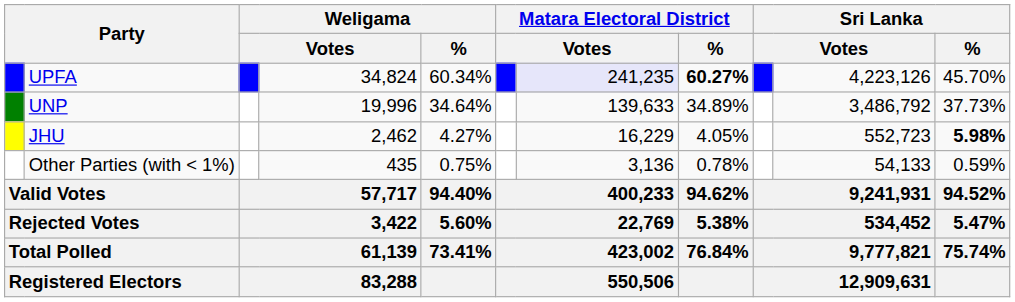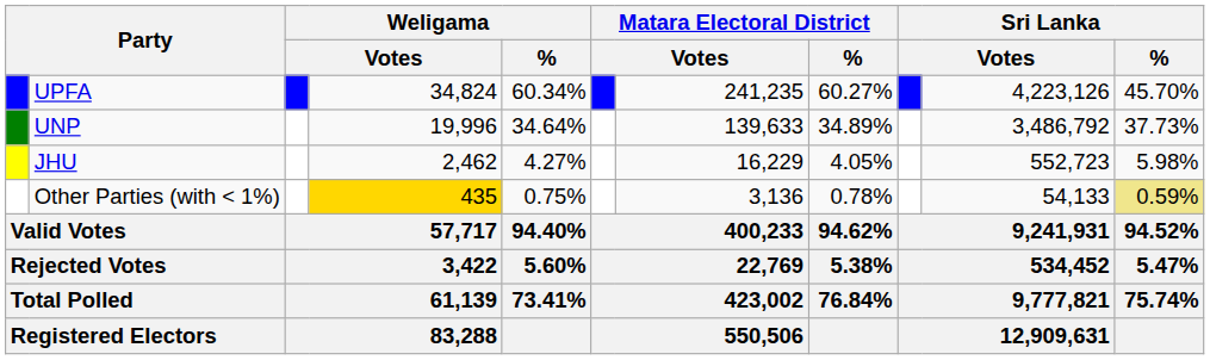 <table class="wikitable">
 <tr>
 <th colspan="2" width="144px"rowspan="2">Party</th>
 <th colspan="3" width="216px">Weligama</th>
 <th colspan="3" width="216px"><a href='#'>Matara Electoral District</a></th>
 <th colspan="3" width="216px">Sri Lanka</th>
 </tr>
 <tr>
 <th colspan="2" width="144px">Votes</th>
 <th>%</th>
 <th colspan="2" width="144px">Votes</th>
 <th>%</th>
 <th colspan="2" width="144px">Votes</th>
 <th>%</th>
 </tr>
 <tr>
 <td style="background-color:blue;" width="10px"></td>
 <td style="text-align:left;"><a href='#'>UPFA</a></td>
 <td style="background-color:blue;" width="10px"></td>
 <td style="text-align:right;">34,824</td>
 <td style="text-align:right;">60.34%</td>
 <td style="background-color:blue;" width="10px"></td>
-<td style="background: lavender; text-align:right;">241,235</td>
-<td style="text-align:right;"><strong>60.27%</strong></td>
+<td style="text-align:right;">241,235</td>
+<td style="text-align:right;">60.27%</td>
 <td style="background-color:blue;" width="10px"></td>
 <td style="text-align:right;">4,223,126</td>
 <td style="text-align:right;">45.70%</td>
 </tr>
 <tr>
 <td style="background-color:green;" width="10px"></td>
 <td style="text-align:left;"><a href='#'>UNP</a></td>
 <td style="background-color:white;" width="10px"></td>
 <td style="text-align:right;">19,996</td>
 <td style="text-align:right;">34.64%</td>
 <td style="background-color:white;" width="10px"></td>
 <td style="text-align:right;">139,633</td>
 <td style="text-align:right;">34.89%</td>
 <td style="background-color:white;" width="10px"></td>
 <td style="text-align:right;">3,486,792</td>
 <td style="text-align:right;">37.73%</td>
 </tr>
 <tr>
 <td style="background-color:yellow;" width="10px"></td>
 <td style="text-align:left;"><a href='#'>JHU</a></td>
 <td style="background-color:white;" width="10px"></td>
 <td style="text-align:right;">2,462</td>
 <td style="text-align:right;">4.27%</td>
 <td style="background-color:white;" width="10px"></td>
 <td style="text-align:right;">16,229</td>
 <td style="text-align:right;">4.05%</td>
 <td style="background-color:white;" width="10px"></td>
 <td style="text-align:right;">552,723</td>
-<td style="text-align:right;"><strong>5.98%</strong></td>
+<td style="text-align:right;">5.98%</td>
 </tr>
 <tr>
 <td style="background-color:white;" width="10px"></td>
 <td style="text-align:left;">Other Parties (with < 1%)</td>
 <td style="background-color:white;" width="10px"></td>
-<td style="text-align:right;">435</td>
+<td style="background: gold; text-align:right;">435</td>
 <td style="text-align:right;">0.75%</td>
 <td style="background-color:white;" width="10px"></td>
 <td style="text-align:right;">3,136</td>
 <td style="text-align:right;">0.78%</td>
 <td style="background-color:white;" width="10px"></td>
 <td style="text-align:right;">54,133</td>
-<td style="text-align:right;">0.59%</td>
+<td style="background: khaki; text-align:right;">0.59%</td>
 </tr>
 <tr>
 <th colspan="2" width="144px"style="text-align:left;">Valid Votes</th>
 <th style="text-align:right;"colspan="2" width="144px">57,717</th>
 <th style="text-align:right;">94.40%</th>
 <th style="text-align:right;"colspan="2" width="144px">400,233</th>
 <th style="text-align:right;">94.62%</th>
 <th style="text-align:right;"colspan="2" width="144px">9,241,931</th>
 <th style="text-align:right;">94.52%</th>
 </tr>
 <tr>
 <th colspan="2" width="144px"style="text-align:left;">Rejected Votes</th>
 <th style="text-align:right;"colspan="2" width="144px">3,422</th>
 <th style="text-align:right;">5.60%</th>
 <th style="text-align:right;"colspan="2" width="144px">22,769</th>
 <th style="text-align:right;">5.38%</th>
 <th style="text-align:right;"colspan="2" width="144px">534,452</th>
 <th style="text-align:right;">5.47%</th>
 </tr>
 <tr>
 <th colspan="2" width="144px"style="text-align:left;">Total Polled</th>
 <th style="text-align:right;"colspan="2" width="144px">61,139</th>
 <th style="text-align:right;">73.41%</th>
 <th style="text-align:right;"colspan="2" width="144px">423,002</th>
 <th style="text-align:right;">76.84%</th>
 <th style="text-align:right;"colspan="2" width="144px">9,777,821</th>
 <th style="text-align:right;">75.74%</th>
 </tr>
 <tr>
 <th colspan="2" width="144px"style="text-align:left;">Registered Electors</th>
 <th style="text-align:right;"colspan="2" width="144px">83,288</th>
 <th></th>
 <th style="text-align:right;"colspan="2" width="144px">550,506</th>
 <th></th>
 <th style="text-align:right;"colspan="2" width="144px">12,909,631</th>
 <th></th>
 </tr>
 </table>
